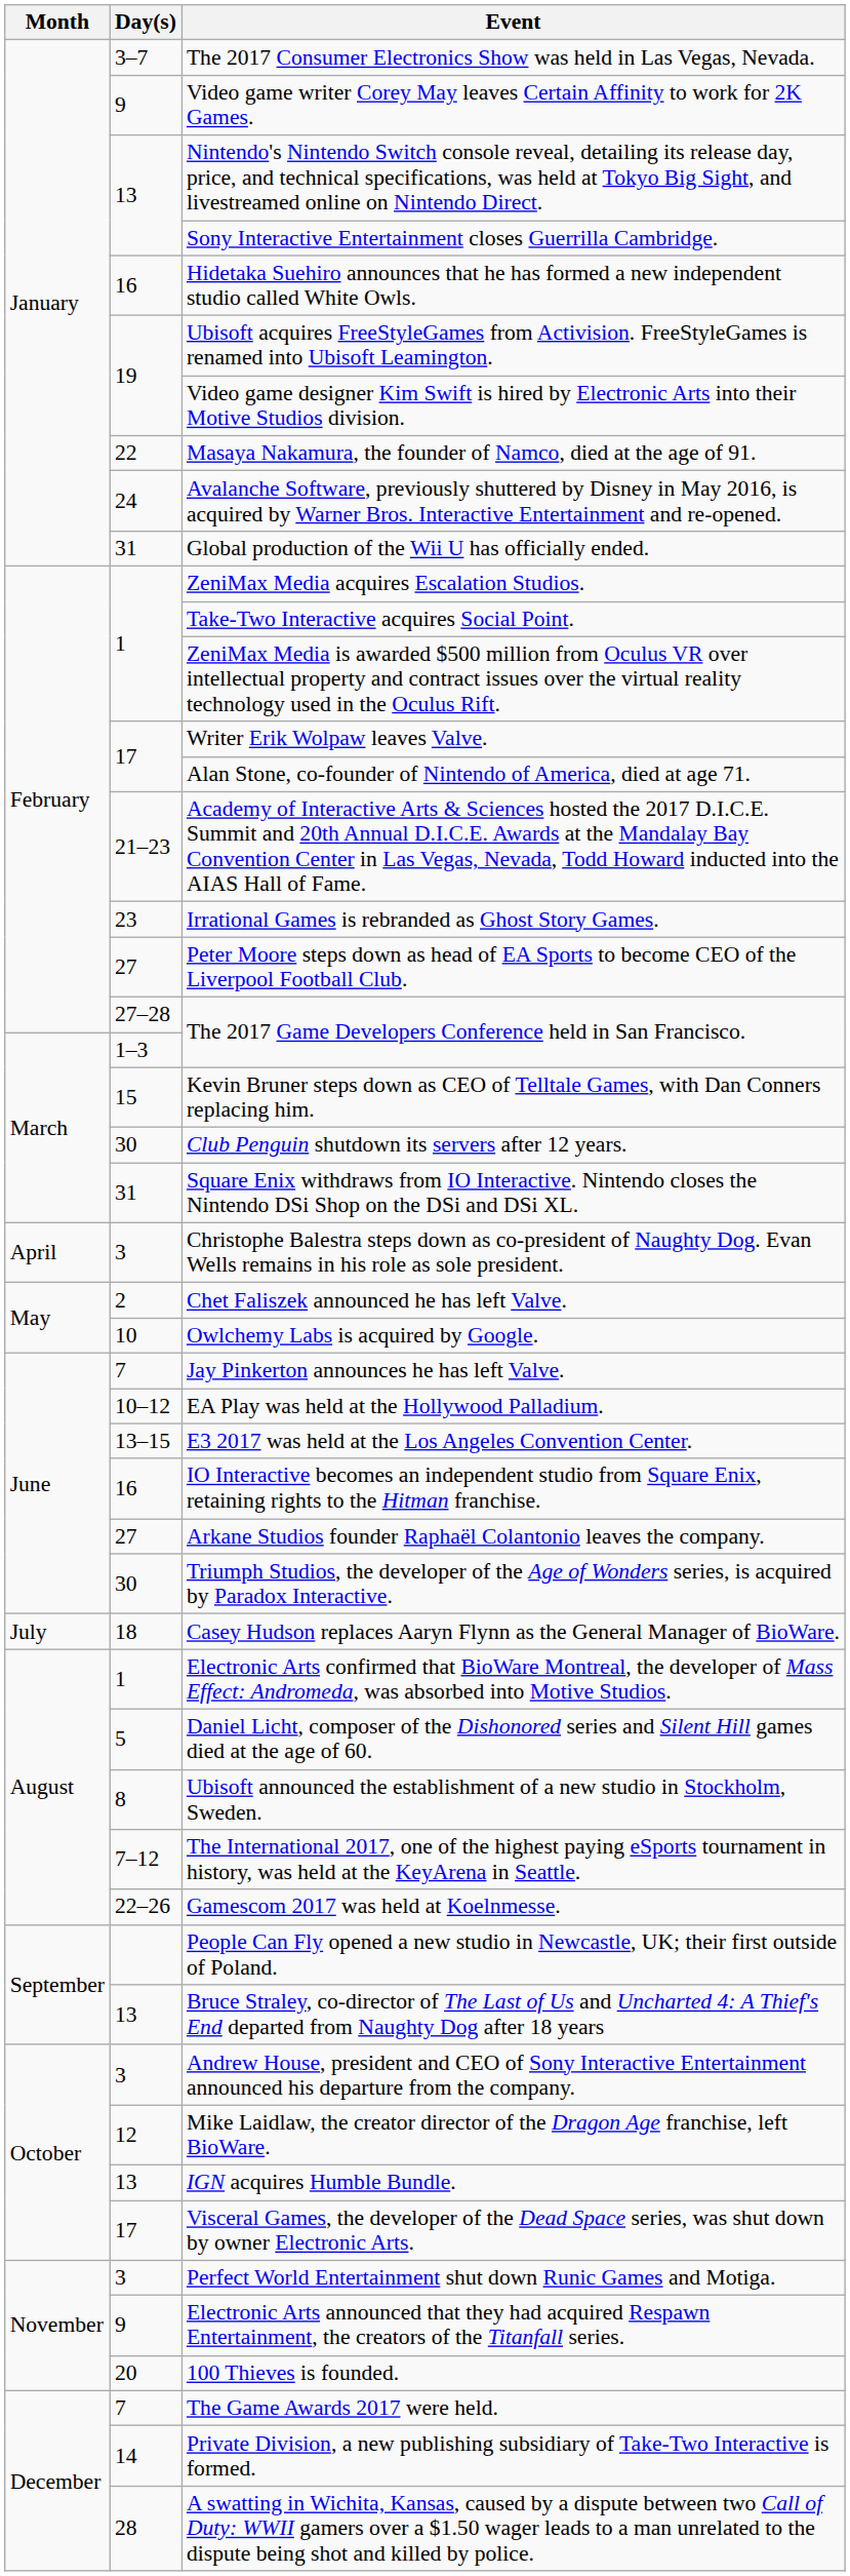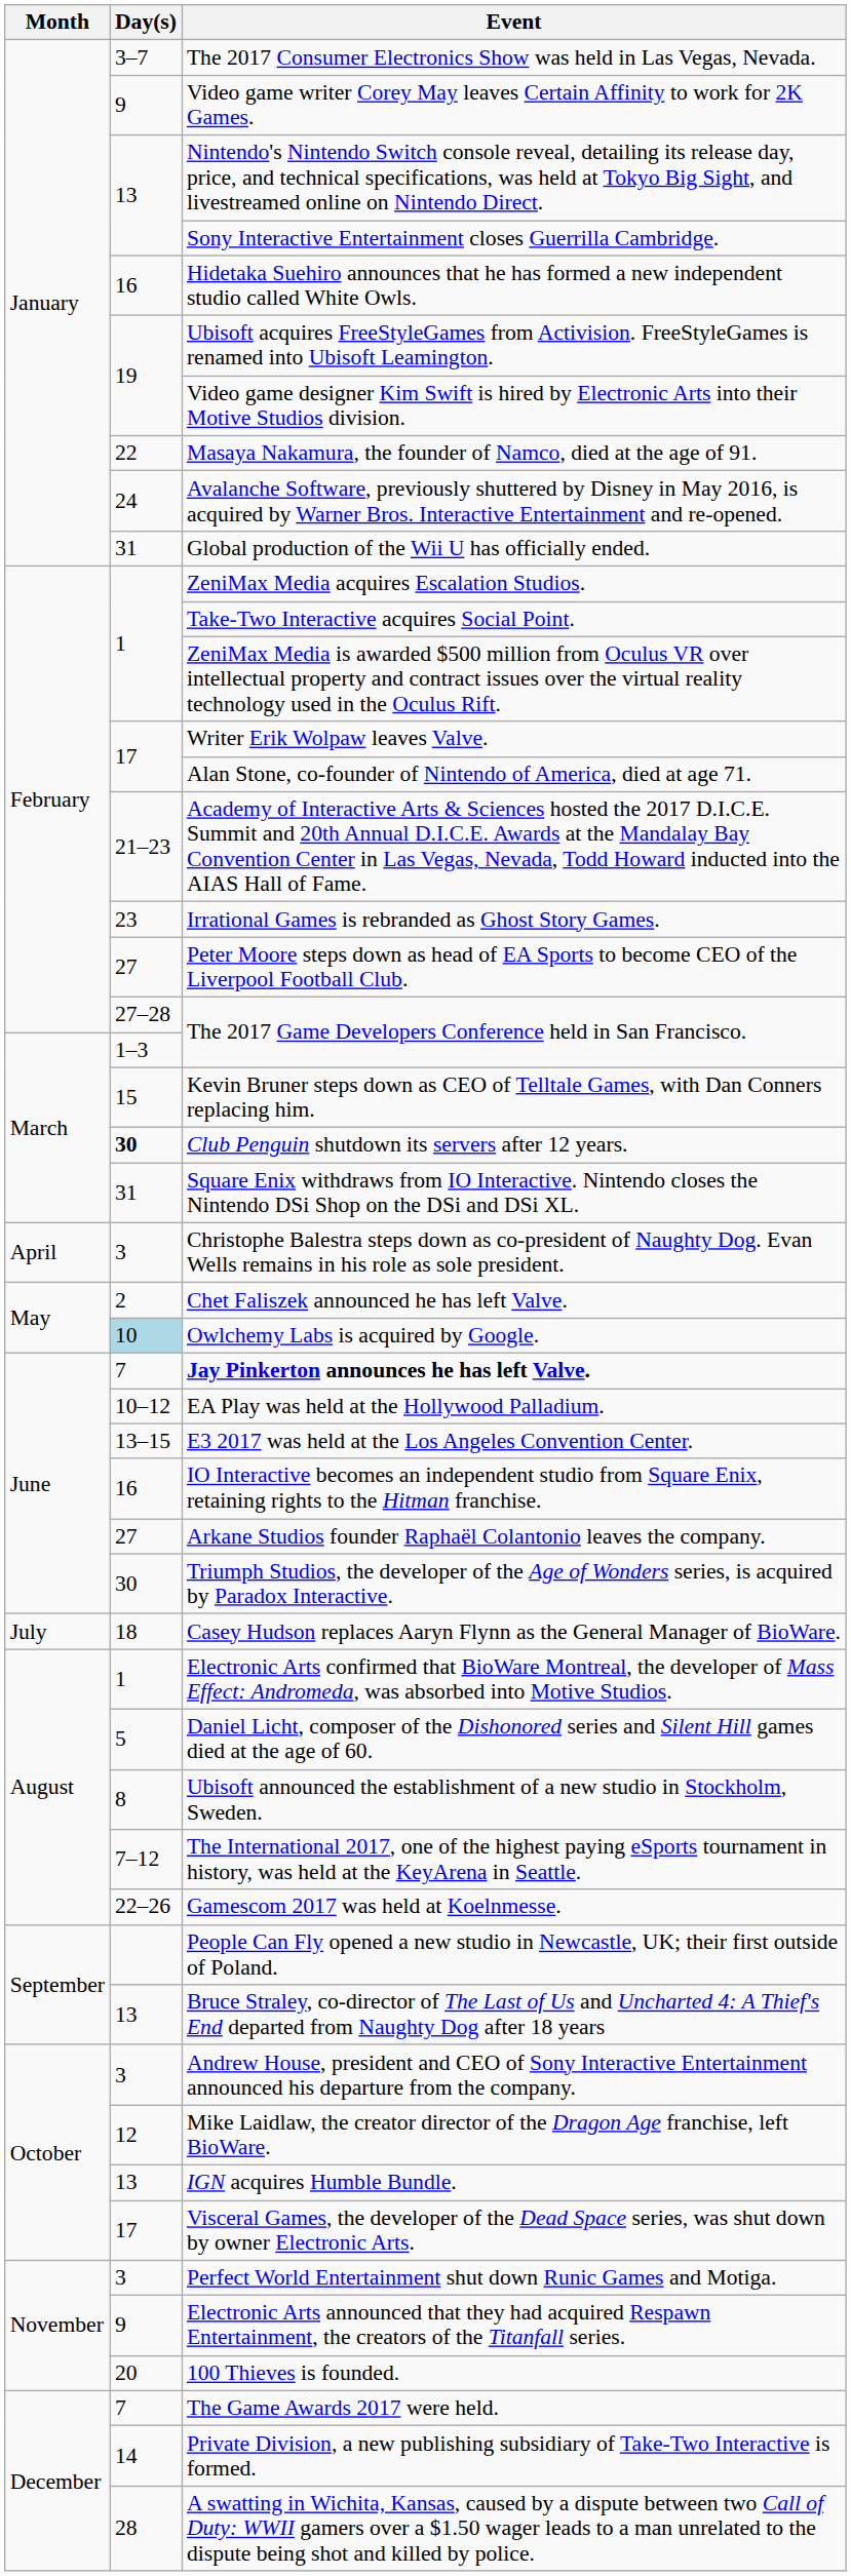 <table class="wikitable">
 <tr>
 <th>Month</th>
 <th>Day(s)</th>
 <th>Event</th>
 </tr>
 <tr>
 <td rowspan="10">January</td>
 <td>3–7</td>
 <td>The 2017 <a href='#'>Consumer Electronics Show</a> was held in Las Vegas, Nevada.</td>
 </tr>
 <tr>
 <td>9</td>
 <td>Video game writer <a href='#'>Corey May</a> leaves <a href='#'>Certain Affinity</a> to work for <a href='#'>2K Games</a>.</td>
 </tr>
 <tr>
 <td rowspan="2">13</td>
 <td><a href='#'>Nintendo</a>'s <a href='#'>Nintendo Switch</a> console reveal, detailing its release day, price, and technical specifications, was held at <a href='#'>Tokyo Big Sight</a>, and livestreamed online on <a href='#'>Nintendo Direct</a>.</td>
 </tr>
 <tr>
 <td><a href='#'>Sony Interactive Entertainment</a> closes <a href='#'>Guerrilla Cambridge</a>.</td>
 </tr>
 <tr>
 <td>16</td>
 <td><a href='#'>Hidetaka Suehiro</a> announces that he has formed a new independent studio called White Owls.</td>
 </tr>
 <tr>
 <td rowspan="2">19</td>
 <td><a href='#'>Ubisoft</a> acquires <a href='#'>FreeStyleGames</a> from <a href='#'>Activision</a>. FreeStyleGames is renamed into <a href='#'>Ubisoft Leamington</a>.</td>
 </tr>
 <tr>
 <td>Video game designer <a href='#'>Kim Swift</a> is hired by <a href='#'>Electronic Arts</a> into their <a href='#'>Motive Studios</a> division.</td>
 </tr>
 <tr>
 <td>22</td>
 <td><a href='#'>Masaya Nakamura</a>, the founder of <a href='#'>Namco</a>, died at the age of 91.</td>
 </tr>
 <tr>
 <td>24</td>
 <td><a href='#'>Avalanche Software</a>, previously shuttered by Disney in May 2016, is acquired by <a href='#'>Warner Bros. Interactive Entertainment</a> and re-opened.</td>
 </tr>
 <tr>
 <td>31</td>
 <td>Global production of the <a href='#'>Wii U</a> has officially ended.</td>
 </tr>
 <tr>
 <td rowspan="9">February</td>
 <td rowspan="3">1</td>
 <td><a href='#'>ZeniMax Media</a> acquires <a href='#'>Escalation Studios</a>.</td>
 </tr>
 <tr>
 <td><a href='#'>Take-Two Interactive</a> acquires <a href='#'>Social Point</a>.</td>
 </tr>
 <tr>
 <td><a href='#'>ZeniMax Media</a> is awarded $500 million from <a href='#'>Oculus VR</a> over intellectual property and contract issues over the virtual reality technology used in the <a href='#'>Oculus Rift</a>.</td>
 </tr>
 <tr>
 <td rowspan="2">17</td>
 <td>Writer <a href='#'>Erik Wolpaw</a> leaves <a href='#'>Valve</a>.</td>
 </tr>
 <tr>
 <td>Alan Stone, co-founder of <a href='#'>Nintendo of America</a>, died at age 71.</td>
 </tr>
 <tr>
 <td>21–23</td>
 <td><a href='#'>Academy of Interactive Arts & Sciences</a> hosted the 2017 D.I.C.E. Summit and <a href='#'>20th Annual D.I.C.E. Awards</a> at the <a href='#'>Mandalay Bay Convention Center</a> in <a href='#'>Las Vegas, Nevada</a>, <a href='#'>Todd Howard</a> inducted into the AIAS Hall of Fame.</td>
 </tr>
 <tr>
 <td>23</td>
 <td><a href='#'>Irrational Games</a> is rebranded as <a href='#'>Ghost Story Games</a>.</td>
 </tr>
 <tr>
 <td>27</td>
 <td><a href='#'>Peter Moore</a> steps down as head of <a href='#'>EA Sports</a> to become CEO of the <a href='#'>Liverpool Football Club</a>.</td>
 </tr>
 <tr>
 <td>27–28</td>
 <td rowspan="2">The 2017 <a href='#'>Game Developers Conference</a> held in San Francisco.</td>
 </tr>
 <tr>
 <td rowspan="4">March</td>
 <td>1–3</td>
 </tr>
 <tr>
 <td>15</td>
 <td>Kevin Bruner steps down as CEO of <a href='#'>Telltale Games</a>, with Dan Conners replacing him.</td>
 </tr>
 <tr>
-<td>30</td>
+<td><strong>30</strong></td>
 <td><em><a href='#'>Club Penguin</a></em> shutdown its <a href='#'>servers</a> after 12 years.</td>
 </tr>
 <tr>
 <td>31</td>
 <td><a href='#'>Square Enix</a> withdraws from <a href='#'>IO Interactive</a>. Nintendo closes the Nintendo DSi Shop on the DSi and DSi XL.</td>
 </tr>
 <tr>
 <td>April</td>
 <td>3</td>
 <td>Christophe Balestra steps down as co-president of <a href='#'>Naughty Dog</a>. Evan Wells remains in his role as sole president.</td>
 </tr>
 <tr>
 <td rowspan="2">May</td>
 <td>2</td>
 <td><a href='#'>Chet Faliszek</a> announced he has left <a href='#'>Valve</a>.</td>
 </tr>
 <tr>
-<td>10</td>
+<td style="background: lightblue;">10</td>
 <td><a href='#'>Owlchemy Labs</a> is acquired by <a href='#'>Google</a>.</td>
 </tr>
 <tr>
 <td rowspan="6">June</td>
 <td>7</td>
-<td><a href='#'>Jay Pinkerton</a> announces he has left <a href='#'>Valve</a>.</td>
+<td><strong><a href='#'>Jay Pinkerton</a> announces he has left <a href='#'>Valve</a>.</strong></td>
 </tr>
 <tr>
 <td>10–12</td>
 <td>EA Play was held at the <a href='#'>Hollywood Palladium</a>.</td>
 </tr>
 <tr>
 <td>13–15</td>
 <td><a href='#'>E3 2017</a> was held at the <a href='#'>Los Angeles Convention Center</a>.</td>
 </tr>
 <tr>
 <td>16</td>
 <td><a href='#'>IO Interactive</a> becomes an independent studio from <a href='#'>Square Enix</a>, retaining rights to the <em><a href='#'>Hitman</a></em> franchise.</td>
 </tr>
 <tr>
 <td>27</td>
 <td><a href='#'>Arkane Studios</a> founder <a href='#'>Raphaël Colantonio</a> leaves the company.</td>
 </tr>
 <tr>
 <td>30</td>
 <td><a href='#'>Triumph Studios</a>, the developer of the <em><a href='#'>Age of Wonders</a></em> series, is acquired by <a href='#'>Paradox Interactive</a>.</td>
 </tr>
 <tr>
 <td>July</td>
 <td>18</td>
 <td><a href='#'>Casey Hudson</a> replaces Aaryn Flynn as the General Manager of <a href='#'>BioWare</a>.</td>
 </tr>
 <tr>
 <td rowspan="5">August</td>
 <td>1</td>
 <td><a href='#'>Electronic Arts</a> confirmed that <a href='#'>BioWare Montreal</a>, the developer of <em><a href='#'>Mass Effect: Andromeda</a></em>, was absorbed into <a href='#'>Motive Studios</a>.</td>
 </tr>
 <tr>
 <td>5</td>
 <td><a href='#'>Daniel Licht</a>, composer of the <em><a href='#'>Dishonored</a></em> series and <em><a href='#'>Silent Hill</a></em> games died at the age of 60.</td>
 </tr>
 <tr>
 <td>8</td>
 <td><a href='#'>Ubisoft</a> announced the establishment of a new studio in <a href='#'>Stockholm</a>, Sweden.</td>
 </tr>
 <tr>
 <td>7–12</td>
 <td><a href='#'>The International 2017</a>, one of the highest paying <a href='#'>eSports</a> tournament in history, was held at the <a href='#'>KeyArena</a> in <a href='#'>Seattle</a>.</td>
 </tr>
 <tr>
 <td>22–26</td>
 <td><a href='#'>Gamescom 2017</a> was held at <a href='#'>Koelnmesse</a>.</td>
 </tr>
 <tr>
 <td rowspan="2">September</td>
 <td></td>
 <td><a href='#'>People Can Fly</a> opened a new studio in <a href='#'>Newcastle</a>, UK; their first outside of Poland.</td>
 </tr>
 <tr>
 <td>13</td>
 <td><a href='#'>Bruce Straley</a>, co-director of <em><a href='#'>The Last of Us</a></em> and <em><a href='#'>Uncharted 4: A Thief's End</a></em> departed from <a href='#'>Naughty Dog</a> after 18 years</td>
 </tr>
 <tr>
 <td rowspan="4">October</td>
 <td>3</td>
 <td><a href='#'>Andrew House</a>, president and CEO of <a href='#'>Sony Interactive Entertainment</a> announced his departure from the company.</td>
 </tr>
 <tr>
 <td>12</td>
 <td>Mike Laidlaw, the creator director of the <em><a href='#'>Dragon Age</a></em> franchise, left <a href='#'>BioWare</a>.</td>
 </tr>
 <tr>
 <td>13</td>
 <td><em><a href='#'>IGN</a></em> acquires <a href='#'>Humble Bundle</a>.</td>
 </tr>
 <tr>
 <td>17</td>
 <td><a href='#'>Visceral Games</a>, the developer of the <em><a href='#'>Dead Space</a></em> series, was shut down by owner <a href='#'>Electronic Arts</a>.</td>
 </tr>
 <tr>
 <td rowspan="3">November</td>
 <td>3</td>
 <td><a href='#'>Perfect World Entertainment</a> shut down <a href='#'>Runic Games</a> and Motiga.</td>
 </tr>
 <tr>
 <td>9</td>
 <td><a href='#'>Electronic Arts</a> announced that they had acquired <a href='#'>Respawn Entertainment</a>, the creators of the <em><a href='#'>Titanfall</a></em> series.</td>
 </tr>
 <tr>
 <td>20</td>
 <td><a href='#'>100 Thieves</a> is founded.</td>
 </tr>
 <tr>
 <td rowspan="3">December</td>
 <td>7</td>
 <td><a href='#'>The Game Awards 2017</a> were held.</td>
 </tr>
 <tr>
 <td>14</td>
 <td><a href='#'>Private Division</a>, a new publishing subsidiary of <a href='#'>Take-Two Interactive</a> is formed.</td>
 </tr>
 <tr>
 <td>28</td>
 <td><a href='#'>A swatting in Wichita, Kansas</a>, caused by a dispute between two <em><a href='#'>Call of Duty: WWII</a></em> gamers over a $1.50 wager leads to a man unrelated to the dispute being shot and killed by police.</td>
 </tr>
 </table>
